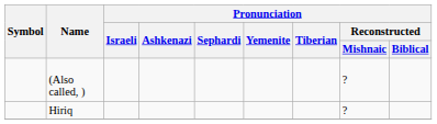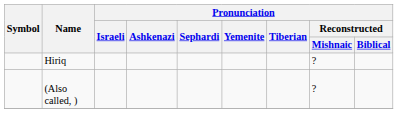 <table class="wikitable">
 <tr>
 <th rowspan=3>Symbol</th>
 <th rowspan=3>Name</th>
 <th ! colspan=7><a href='#'>Pronunciation</a></th>
 </tr>
 <tr>
 <th ! rowspan=2><a href='#'>Israeli</a></th>
 <th ! rowspan=2><a href='#'>Ashkenazi</a></th>
 <th ! rowspan=2><a href='#'>Sephardi</a></th>
 <th ! rowspan=2><a href='#'>Yemenite</a></th>
 <th ! rowspan=2><a href='#'>Tiberian</a></th>
 <th ! colspan=2>Reconstructed</th>
 </tr>
 <tr>
 <th><a href='#'>Mishnaic</a></th>
 <th><a href='#'>Biblical</a></th>
 </tr>
 <tr>
 <td align="center" style="font-family:Arial Unicode;font-size:200%"></td>
-<td><em></em><br>(Also called, <em></em>)</td>
+<td>Hiriq</td>
 <td></td>
 <td></td>
 <td></td>
 <td></td>
 <td></td>
 <td>?</td>
 <td></td>
 </tr>
 <tr>
 <td align="center" style="font-family:Arial Unicode;font-size:200%"></td>
-<td>Hiriq</td>
+<td><em></em><br>(Also called, <em></em>)</td>
 <td></td>
 <td></td>
 <td></td>
 <td></td>
 <td></td>
 <td>?</td>
 <td></td>
 </tr>
 <tr>
 </tr>
 </table>
